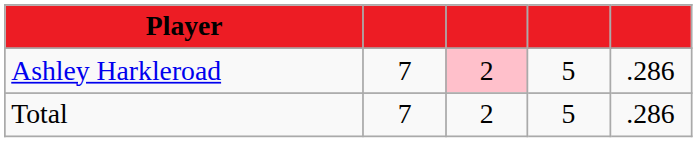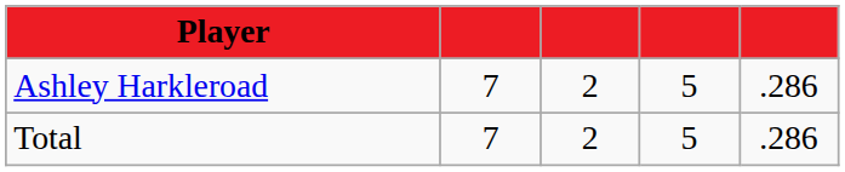 <table class="wikitable" style="text-align:center">
 <tr>
 <th style="background:#ED1C24; color:black" width="200px">Player</th>
 <th style="background:#ED1C24; color:black" width="40px"></th>
 <th style="background:#ED1C24; color:black" width="40px"></th>
 <th style="background:#ED1C24; color:black" width="40px"></th>
 <th style="background:#ED1C24; color:black" width="40px"></th>
 </tr>
 <tr>
 <td style="text-align:left"><a href='#'>Ashley Harkleroad</a></td>
 <td>7</td>
-<td style="background: pink;">2</td>
+<td>2</td>
 <td>5</td>
 <td>.286</td>
 </tr>
 <tr>
 <td style="text-align:left">Total</td>
 <td>7</td>
 <td>2</td>
 <td>5</td>
 <td>.286</td>
 </tr>
 </table>
